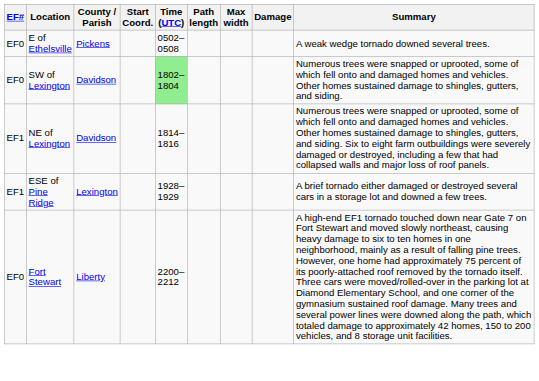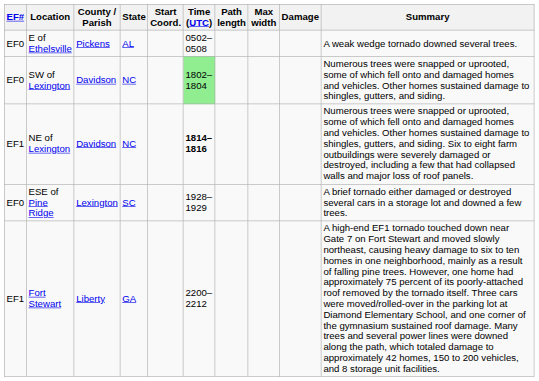 <table class="wikitable sortable" style="width:100%;">
 <tr>
 <th scope="col"  style="width:3%; text-align:center;"><a href='#'>EF#</a></th>
 <th scope="col"  style="width:7%; text-align:center;" class="unsortable">Location</th>
 <th scope="col"  style="width:6%; text-align:center;" class="unsortable">County / Parish</th>
+<th scope="col"  style="width:5%; text-align:center;">State</th>
 <th scope="col"  style="width:6%; text-align:center;">Start Coord.</th>
 <th scope="col"  style="width:6%; text-align:center;">Time (<a href='#'>UTC</a>)</th>
 <th scope="col"  style="width:6%; text-align:center;">Path length</th>
 <th scope="col"  style="width:6%; text-align:center;">Max width</th>
 <th scope="col"  style="width:6%; text-align:center;">Damage</th>
 <th scope="col" class="unsortable" style="width:48%; text-align:center;">Summary</th>
 </tr>
 <tr>
 <td>EF0</td>
 <td>E of <a href='#'>Ethelsville</a></td>
 <td><a href='#'>Pickens</a></td>
+<td><a href='#'>AL</a></td>
 <td></td>
 <td>0502–0508</td>
 <td></td>
 <td></td>
 <td></td>
 <td>A weak wedge tornado downed several trees.</td>
 </tr>
 <tr>
 <td>EF0</td>
 <td>SW of <a href='#'>Lexington</a></td>
 <td><a href='#'>Davidson</a></td>
+<td><a href='#'>NC</a></td>
 <td></td>
 <td style="background: lightgreen;">1802–1804</td>
 <td></td>
 <td></td>
 <td></td>
 <td>Numerous trees were snapped or uprooted, some of which fell onto and damaged homes and vehicles. Other homes sustained damage to shingles, gutters, and siding.</td>
 </tr>
 <tr>
 <td>EF1</td>
 <td>NE of <a href='#'>Lexington</a></td>
 <td><a href='#'>Davidson</a></td>
+<td><a href='#'>NC</a></td>
 <td></td>
-<td>1814–1816</td>
+<td><strong>1814–1816</strong></td>
 <td></td>
 <td></td>
 <td></td>
 <td>Numerous trees were snapped or uprooted, some of which fell onto and damaged homes and vehicles. Other homes sustained damage to shingles, gutters, and siding. Six to eight farm outbuildings were severely damaged or destroyed, including a few that had collapsed walls and major loss of roof panels.</td>
 </tr>
 <tr>
-<td>EF1</td>
+<td>EF0</td>
 <td>ESE of <a href='#'>Pine Ridge</a></td>
 <td><a href='#'>Lexington</a></td>
+<td><a href='#'>SC</a></td>
 <td></td>
 <td>1928–1929</td>
 <td></td>
 <td></td>
 <td></td>
 <td>A brief tornado either damaged or destroyed several cars in a storage lot and downed a few trees.</td>
 </tr>
 <tr>
-<td>EF0</td>
+<td>EF1</td>
 <td><a href='#'>Fort Stewart</a></td>
 <td><a href='#'>Liberty</a></td>
+<td><a href='#'>GA</a></td>
 <td></td>
 <td>2200–2212</td>
 <td></td>
 <td></td>
 <td></td>
 <td>A high-end EF1 tornado touched down near Gate 7 on Fort Stewart and moved slowly northeast, causing heavy damage to six to ten homes in one neighborhood, mainly as a result of falling pine trees. However, one home had approximately 75 percent of its poorly-attached roof removed by the tornado itself. Three cars were moved/rolled-over in the parking lot at Diamond Elementary School, and one corner of the gymnasium sustained roof damage. Many trees and several power lines were downed along the path, which totaled damage to approximately 42 homes, 150 to 200 vehicles, and 8 storage unit facilities.</td>
 </tr>
 </table>
